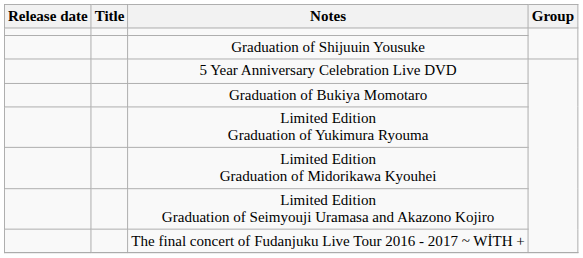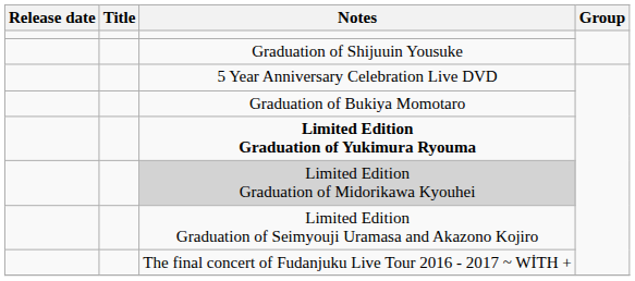 <table class=wikitable>
 <tr>
 <th>Release date</th>
 <th>Title</th>
 <th>Notes</th>
 <th>Group</th>
 </tr>
 <tr>
 <td></td>
 <td></td>
 <td align="center"></td>
 <td rowspan="2"></td>
 </tr>
 <tr>
 <td></td>
 <td></td>
 <td align="center">Graduation of Shijuuin Yousuke</td>
 </tr>
 <tr>
 <td></td>
 <td></td>
 <td align="center">5 Year Anniversary Celebration Live DVD</td>
 <td rowspan="6"></td>
 </tr>
 <tr>
 <td></td>
 <td></td>
 <td align="center">Graduation of Bukiya Momotaro</td>
 </tr>
 <tr>
 <td></td>
 <td></td>
-<td align="center">Limited Edition<br>Graduation of Yukimura Ryouma</td>
+<td align="center"><strong>Limited Edition<br>Graduation of Yukimura Ryouma</strong></td>
 </tr>
 <tr>
 <td></td>
 <td></td>
-<td align="center">Limited Edition<br>Graduation of Midorikawa Kyouhei</td>
+<td align="center" style="background: lightgrey;">Limited Edition<br>Graduation of Midorikawa Kyouhei</td>
 </tr>
 <tr>
 <td></td>
 <td></td>
 <td align="center">Limited Edition<br>Graduation of Seimyouji Uramasa and Akazono Kojiro</td>
 </tr>
 <tr>
 <td></td>
 <td></td>
 <td align="center">The final concert of  Fudanjuku Live Tour 2016 - 2017 ~ WİTH +</td>
 </tr>
 <tr>
 </tr>
 </table>
